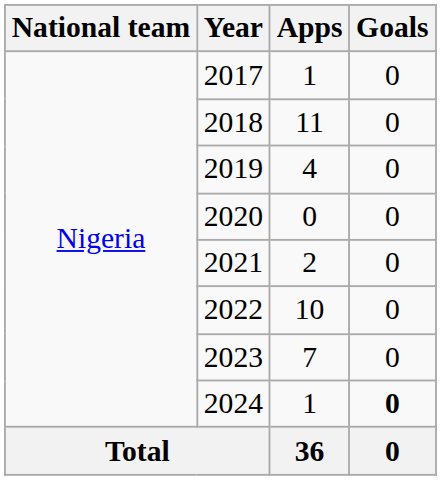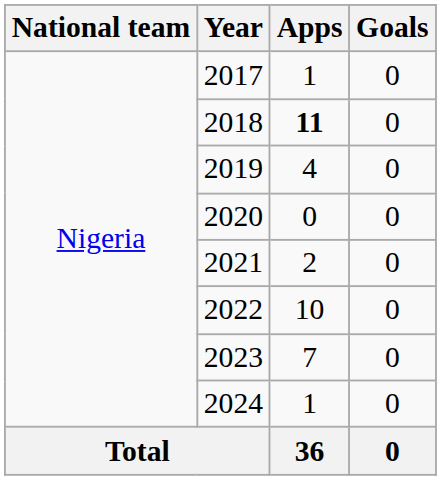 <table class="wikitable" style="text-align:center">
 <tr>
 <th>National team</th>
 <th>Year</th>
 <th>Apps</th>
 <th>Goals</th>
 </tr>
 <tr>
 <td rowspan="8"><a href='#'>Nigeria</a></td>
 <td>2017</td>
 <td>1</td>
 <td>0</td>
 </tr>
 <tr>
 <td>2018</td>
-<td>11</td>
+<td><strong>11</strong></td>
 <td>0</td>
 </tr>
 <tr>
 <td>2019</td>
 <td>4</td>
 <td>0</td>
 </tr>
 <tr>
 <td>2020</td>
 <td>0</td>
 <td>0</td>
 </tr>
 <tr>
 <td>2021</td>
 <td>2</td>
 <td>0</td>
 </tr>
 <tr>
 <td>2022</td>
 <td>10</td>
 <td>0</td>
 </tr>
 <tr>
 <td>2023</td>
 <td>7</td>
 <td>0</td>
 </tr>
 <tr>
 <td>2024</td>
 <td>1</td>
-<td><strong>0</strong></td>
+<td>0</td>
 </tr>
 <tr>
 <th colspan="2">Total</th>
 <th>36</th>
 <th>0</th>
 </tr>
 </table>
